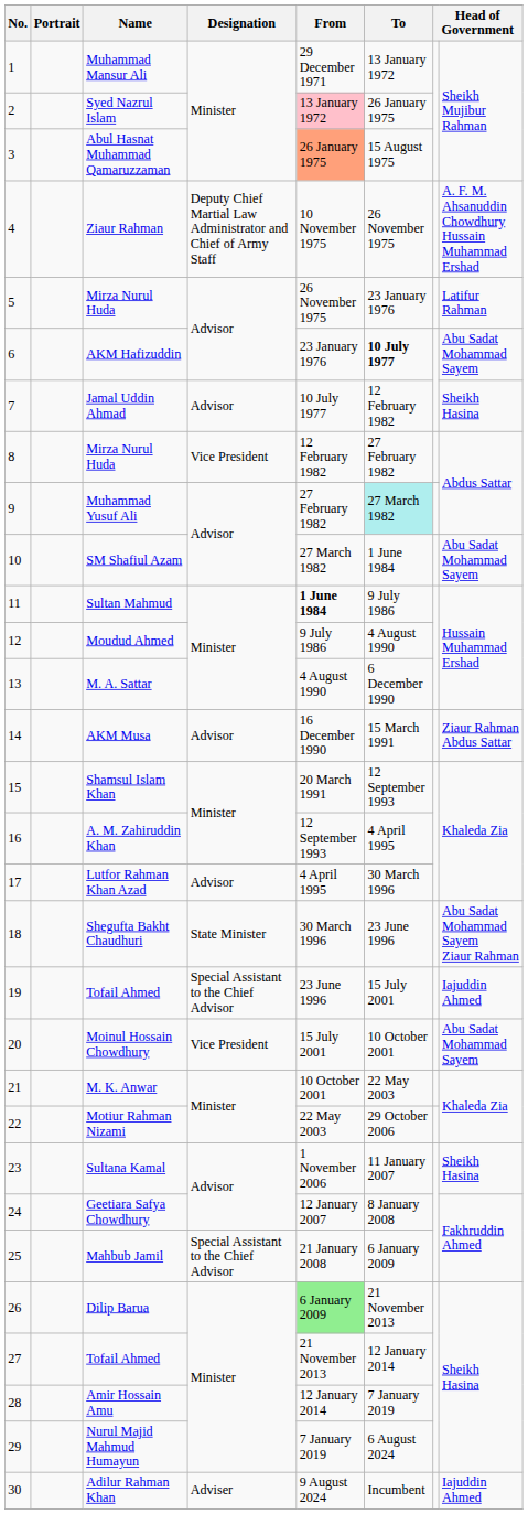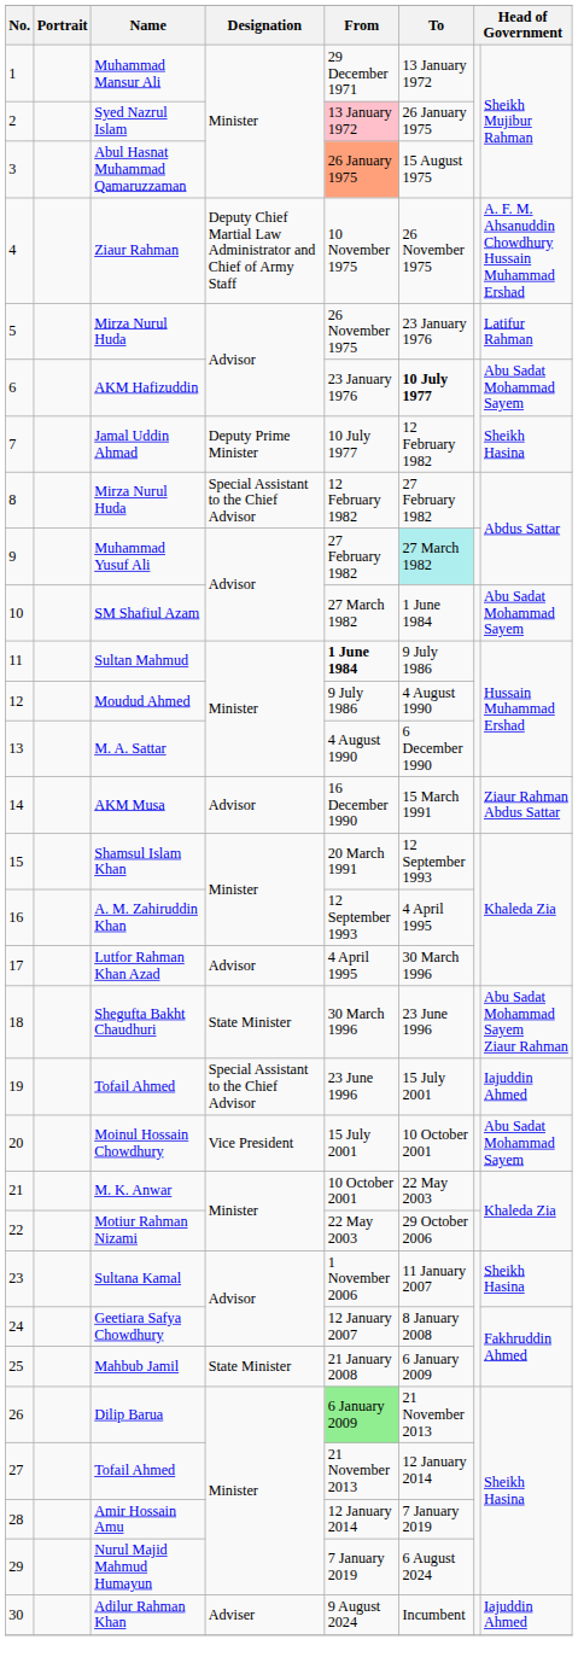 <table class="wikitable sortable" style="width:70%;">
 <tr align=center>
 </tr>
 <tr>
 <th align=center>No.</th>
 <th align=center>Portrait</th>
 <th align=center>Name</th>
 <th align=center>Designation</th>
 <th align=center>From</th>
 <th align=center>To</th>
 <th align=center colspan=2>Head of Government</th>
 </tr>
 <tr>
 <td>1</td>
 <td></td>
 <td><a href='#'>Muhammad Mansur Ali</a></td>
 <td rowspan=3>Minister</td>
 <td>29 December 1971</td>
 <td>13 January 1972</td>
 <td rowspan=3 style="background-color: "></td>
 <td rowspan=3><a href='#'>Sheikh Mujibur Rahman</a></td>
 </tr>
 <tr>
 <td>2</td>
 <td></td>
 <td><a href='#'>Syed Nazrul Islam</a></td>
 <td style="background: pink;">13 January 1972</td>
 <td>26 January 1975</td>
 </tr>
 <tr>
 <td>3</td>
 <td></td>
 <td><a href='#'>Abul Hasnat Muhammad Qamaruzzaman</a></td>
 <td style="background: lightsalmon;">26 January 1975</td>
 <td>15 August 1975</td>
 </tr>
 <tr>
 <td>4</td>
 <td></td>
 <td><a href='#'>Ziaur Rahman</a></td>
 <td>Deputy Chief Martial Law Administrator and Chief of Army Staff</td>
 <td>10 November 1975</td>
 <td>26 November 1975</td>
 <td style="background-color: "></td>
 <td><a href='#'>A. F. M. Ahsanuddin Chowdhury</a><br><a href='#'>Hussain Muhammad Ershad</a></td>
 </tr>
 <tr>
 <td>5</td>
 <td></td>
 <td><a href='#'>Mirza Nurul Huda</a></td>
 <td rowspan=2>Advisor</td>
 <td>26 November 1975</td>
 <td>23 January 1976</td>
 <td style="background-color: "></td>
 <td><a href='#'>Latifur Rahman</a></td>
 </tr>
 <tr>
 <td>6</td>
 <td></td>
 <td><a href='#'>AKM Hafizuddin</a></td>
 <td>23 January 1976</td>
 <td><strong>10 July 1977</strong></td>
 <td rowspan=2 style="background-color: "></td>
 <td><a href='#'>Abu Sadat Mohammad Sayem</a></td>
 </tr>
 <tr>
 <td>7</td>
 <td></td>
 <td><a href='#'>Jamal Uddin Ahmad</a></td>
-<td>Advisor</td>
+<td>Deputy Prime Minister</td>
 <td>10 July 1977</td>
 <td>12 February 1982</td>
 <td><a href='#'>Sheikh Hasina</a></td>
 </tr>
 <tr>
 <td>8</td>
 <td></td>
 <td><a href='#'>Mirza Nurul Huda</a></td>
-<td>Vice President</td>
+<td>Special Assistant to the Chief Advisor</td>
 <td>12 February 1982</td>
 <td>27 February 1982</td>
 <td style="background-color: "></td>
 <td rowspan=2><a href='#'>Abdus Sattar</a></td>
 </tr>
 <tr>
 <td>9</td>
 <td></td>
 <td><a href='#'>Muhammad Yusuf Ali</a></td>
 <td rowspan=2>Advisor</td>
 <td>27 February 1982</td>
 <td style="background: paleturquoise;">27 March 1982</td>
 <td style="background-color: "></td>
 </tr>
 <tr>
 <td>10</td>
 <td></td>
 <td><a href='#'>SM Shafiul Azam</a></td>
 <td>27 March 1982</td>
 <td>1 June 1984</td>
 <td style="background-color:"></td>
 <td><a href='#'>Abu Sadat Mohammad Sayem</a></td>
 </tr>
 <tr>
 <td>11</td>
 <td></td>
 <td><a href='#'>Sultan Mahmud</a></td>
 <td rowspan=3>Minister</td>
 <td><strong>1 June 1984</strong></td>
 <td>9 July 1986</td>
 <td rowspan=3 style="background-color: "></td>
 <td rowspan=3><a href='#'>Hussain Muhammad Ershad</a></td>
 </tr>
 <tr>
 <td>12</td>
 <td></td>
 <td><a href='#'>Moudud Ahmed</a></td>
 <td>9 July 1986</td>
 <td>4 August 1990</td>
 </tr>
 <tr>
 <td>13</td>
 <td></td>
 <td><a href='#'>M. A. Sattar</a></td>
 <td>4 August 1990</td>
 <td>6 December 1990</td>
 </tr>
 <tr>
 <td>14</td>
 <td></td>
 <td><a href='#'>AKM Musa</a></td>
 <td>Advisor</td>
 <td>16 December 1990</td>
 <td>15 March 1991</td>
 <td style="background-color:"></td>
 <td><a href='#'>Ziaur Rahman</a><br><a href='#'>Abdus Sattar</a></td>
 </tr>
 <tr>
 <td>15</td>
 <td></td>
 <td><a href='#'>Shamsul Islam Khan</a></td>
 <td rowspan=2>Minister</td>
 <td>20 March 1991</td>
 <td>12 September 1993</td>
 <td rowspan=3 style="background-color: "></td>
 <td rowspan=3><a href='#'>Khaleda Zia</a></td>
 </tr>
 <tr>
 <td>16</td>
 <td></td>
 <td><a href='#'>A. M. Zahiruddin Khan</a></td>
 <td>12 September 1993</td>
 <td>4 April 1995</td>
 </tr>
 <tr>
 <td>17</td>
 <td></td>
 <td><a href='#'>Lutfor Rahman Khan Azad</a></td>
 <td>Advisor</td>
 <td>4 April 1995</td>
 <td>30 March 1996</td>
 </tr>
 <tr>
 <td>18</td>
 <td></td>
 <td><a href='#'>Shegufta Bakht Chaudhuri</a></td>
 <td>State Minister</td>
 <td>30 March 1996</td>
 <td>23 June 1996</td>
 <td style="background-color:"></td>
 <td><a href='#'>Abu Sadat Mohammad Sayem</a><br><a href='#'>Ziaur Rahman</a></td>
 </tr>
 <tr>
 <td>19</td>
 <td></td>
 <td><a href='#'>Tofail Ahmed</a></td>
 <td>Special Assistant to the Chief Advisor</td>
 <td>23 June 1996</td>
 <td>15 July 2001</td>
 <td style="background-color:"></td>
 <td><a href='#'>Iajuddin Ahmed</a></td>
 </tr>
 <tr>
 <td>20</td>
 <td></td>
 <td><a href='#'>Moinul Hossain Chowdhury</a></td>
 <td>Vice President</td>
 <td>15 July 2001</td>
 <td>10 October 2001</td>
 <td style="background-color:"></td>
 <td><a href='#'>Abu Sadat Mohammad Sayem</a></td>
 </tr>
 <tr>
 <td>21</td>
 <td></td>
 <td><a href='#'>M. K. Anwar</a></td>
 <td rowspan=2>Minister</td>
 <td>10 October 2001</td>
 <td>22 May 2003</td>
 <td style="background-color:"></td>
 <td rowspan=2><a href='#'>Khaleda Zia</a></td>
 </tr>
 <tr>
 <td>22</td>
 <td></td>
 <td><a href='#'>Motiur Rahman Nizami</a></td>
 <td>22 May 2003</td>
 <td>29 October 2006</td>
 <td style="background-color:"></td>
 </tr>
 <tr>
 <td>23</td>
 <td></td>
 <td><a href='#'>Sultana Kamal</a></td>
 <td rowspan=2>Advisor</td>
 <td>1 November 2006</td>
 <td>11 January 2007</td>
 <td rowspan=3 style="background-color:"></td>
 <td><a href='#'>Sheikh Hasina</a></td>
 </tr>
 <tr>
 <td>24</td>
 <td></td>
 <td><a href='#'>Geetiara Safya Chowdhury</a></td>
 <td>12 January 2007</td>
 <td>8 January 2008</td>
 <td rowspan=2><a href='#'>Fakhruddin Ahmed</a></td>
 </tr>
 <tr>
 <td>25</td>
 <td></td>
 <td><a href='#'>Mahbub Jamil</a></td>
-<td>Special Assistant to the Chief Advisor</td>
+<td>State Minister</td>
 <td>21 January 2008</td>
 <td>6 January 2009</td>
 </tr>
 <tr>
 <td>26</td>
 <td></td>
 <td><a href='#'>Dilip Barua</a></td>
 <td rowspan=4>Minister</td>
 <td style="background: lightgreen;">6 January 2009</td>
 <td>21 November 2013</td>
 <td rowspan=4 style="background: "></td>
 <td rowspan=4><a href='#'>Sheikh Hasina</a></td>
 </tr>
 <tr>
 <td>27</td>
 <td></td>
 <td><a href='#'>Tofail Ahmed</a></td>
 <td>21 November 2013</td>
 <td>12 January 2014</td>
 </tr>
 <tr>
 <td>28</td>
 <td></td>
 <td><a href='#'>Amir Hossain Amu</a></td>
 <td>12 January 2014</td>
 <td>7 January 2019</td>
 </tr>
 <tr>
 <td>29</td>
 <td></td>
 <td><a href='#'>Nurul Majid Mahmud Humayun</a></td>
 <td>7 January 2019</td>
 <td>6 August 2024</td>
 </tr>
 <tr>
 <td>30</td>
 <td></td>
 <td><a href='#'>Adilur Rahman Khan</a></td>
 <td>Adviser</td>
 <td>9 August 2024</td>
 <td>Incumbent</td>
 <td style="background-color: "></td>
 <td><a href='#'>Iajuddin Ahmed</a></td>
 </tr>
 <tr>
 </tr>
 </table>
